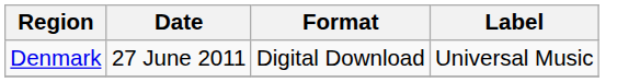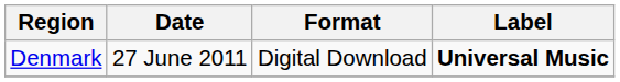 <table class=wikitable>
 <tr>
 <th>Region</th>
 <th>Date</th>
 <th>Format</th>
 <th>Label</th>
 </tr>
 <tr>
 <td><a href='#'>Denmark</a></td>
 <td>27 June 2011</td>
 <td>Digital Download</td>
-<td>Universal Music</td>
+<td><strong>Universal Music</strong></td>
 </tr>
 <tr>
 </tr>
 </table>
